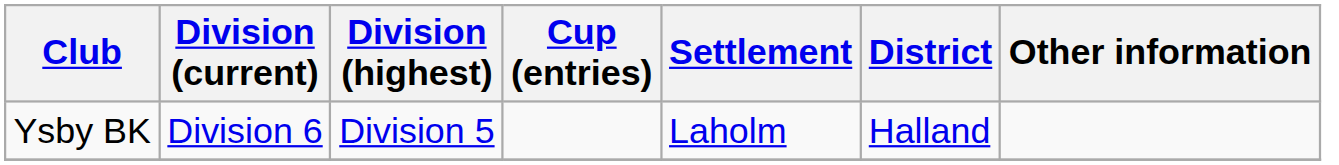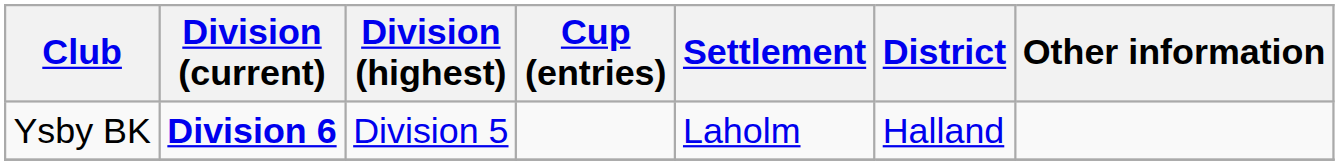 <table class="wikitable" style="text-align:left">
 <tr>
 <th style= width="180px"><a href='#'>Club</a></th>
 <th style= width="80px"><a href='#'>Division</a><br> (current)</th>
 <th style= width="80px"><a href='#'>Division</a><br> (highest)</th>
 <th style= width="60px"><a href='#'>Cup</a><br> (entries)</th>
 <th style= width="110px"><a href='#'>Settlement</a></th>
 <th style= width="110px"><a href='#'>District</a></th>
 <th style= width="230px">Other information</th>
 </tr>
 <tr>
 <td>Ysby BK</td>
-<td><a href='#'>Division 6</a></td>
+<td><strong><a href='#'>Division 6</a></strong></td>
 <td><a href='#'>Division 5</a></td>
 <td></td>
 <td><a href='#'>Laholm</a></td>
 <td><a href='#'>Halland</a></td>
 <td></td>
 </tr>
 <tr>
 </tr>
 </table>
